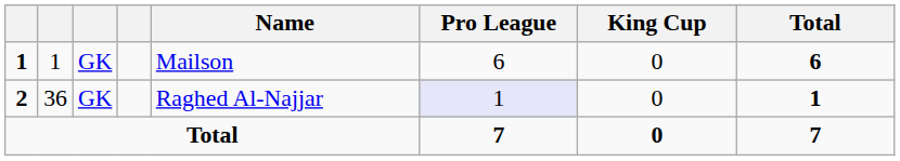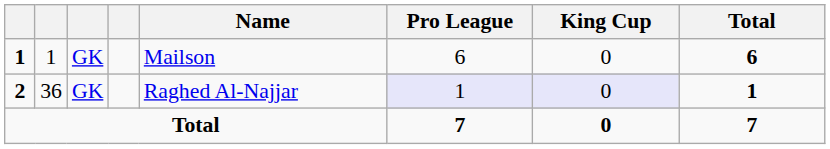 <table class="wikitable" style="text-align:center">
 <tr>
 <th width=15></th>
 <th width=15></th>
 <th width=15></th>
 <th width=15></th>
 <th width=175>Name</th>
 <th width=100>Pro League</th>
 <th width=100>King Cup</th>
 <th width=100>Total</th>
 </tr>
 <tr>
 <td><strong>1</strong></td>
 <td>1</td>
 <td><a href='#'>GK</a></td>
 <td></td>
 <td align=left><a href='#'>Mailson</a></td>
 <td>6</td>
 <td>0</td>
 <td><strong>6</strong></td>
 </tr>
 <tr>
 <td><strong>2</strong></td>
 <td>36</td>
 <td><a href='#'>GK</a></td>
 <td></td>
 <td align=left><a href='#'>Raghed Al-Najjar</a></td>
 <td style="background: lavender;">1</td>
-<td>0</td>
+<td style="background: lavender;">0</td>
 <td><strong>1</strong></td>
 </tr>
 <tr>
 <td colspan=5><strong>Total</strong></td>
 <td><strong>7</strong></td>
 <td><strong>0</strong></td>
 <td><strong>7</strong></td>
 </tr>
 </table>
